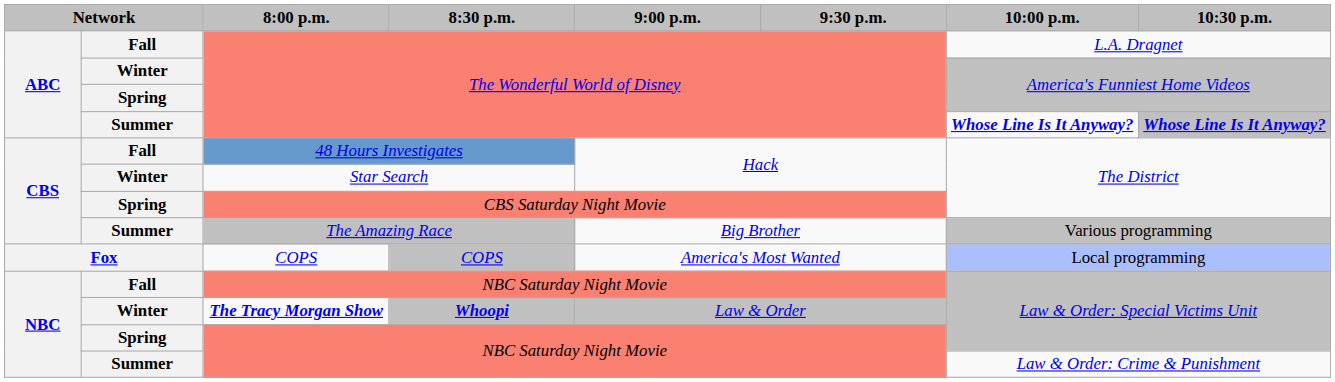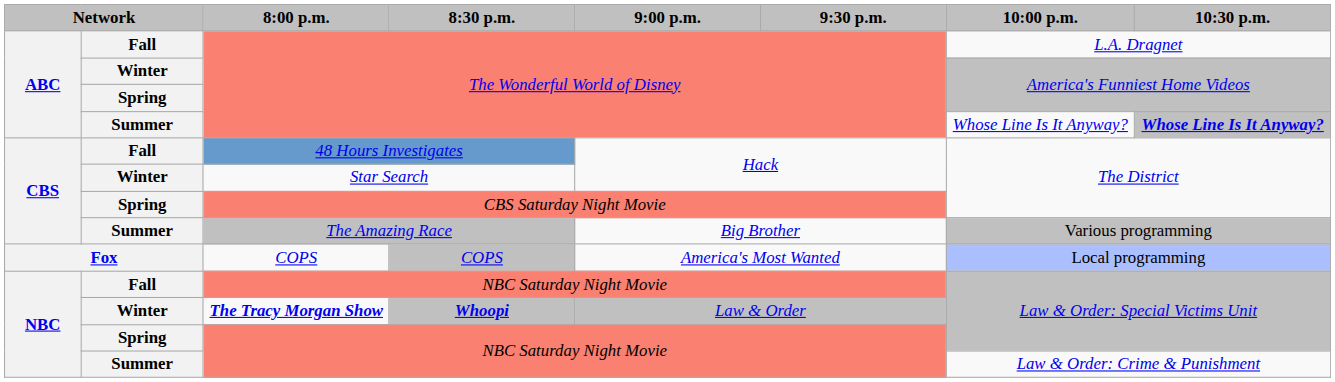 <table class="wikitable" style="width:100%;margin-right:0;text-align:center">
 <tr>
 <th colspan="2" style="background-color:#C0C0C0;text-align:center;width:15%;">Network</th>
 <th style="background-color:#C0C0C0;text-align:center;width:14%;">8:00 p.m.</th>
 <th style="background-color:#C0C0C0;text-align:center;width:14%;">8:30 p.m.</th>
 <th style="background-color:#C0C0C0;text-align:center;width:14%;">9:00 p.m.</th>
 <th style="background-color:#C0C0C0;text-align:center;width:14%;">9:30 p.m.</th>
 <th style="background-color:#C0C0C0;text-align:center">10:00 p.m.</th>
 <th style="background-color:#C0C0C0;text-align:center">10:30 p.m.</th>
 </tr>
 <tr>
 <th rowspan="4"><a href='#'>ABC</a></th>
 <th>Fall</th>
 <td colspan="4" rowspan="4" style="background:#FA8072;"><em><a href='#'>The Wonderful World of Disney</a></em></td>
 <td colspan="2"><em><a href='#'>L.A. Dragnet</a></em></td>
 </tr>
 <tr>
 <th>Winter</th>
 <td colspan="2" rowspan="2" style="background:#C0C0C0;"><em><a href='#'>America's Funniest Home Videos</a></em> </td>
 </tr>
 <tr>
 <th>Spring</th>
 </tr>
 <tr>
 <th>Summer</th>
-<td><strong><em><a href='#'>Whose Line Is It Anyway?</a></em></strong></td>
+<td><em><a href='#'>Whose Line Is It Anyway?</a></em></td>
 <td style="background:#C0C0C0;"><strong><em><a href='#'>Whose Line Is It Anyway?</a></em> </strong></td>
 </tr>
 <tr>
 <th rowspan="4"><a href='#'>CBS</a></th>
 <th>Fall</th>
 <td colspan="2" style="background:#6699CC;"><em><a href='#'>48 Hours Investigates</a></em></td>
 <td rowspan="2" colspan="2"><em><a href='#'>Hack</a></em></td>
 <td rowspan="3" colspan="2"><em><a href='#'>The District</a></em></td>
 </tr>
 <tr>
 <th>Winter</th>
 <td colspan="2"><em><a href='#'>Star Search</a></em></td>
 </tr>
 <tr>
 <th>Spring</th>
 <td colspan="4" style="background:#FA8072;"><em>CBS Saturday Night Movie</em></td>
 </tr>
 <tr>
 <th>Summer</th>
 <td colspan="2" style="background:#C0C0C0;"><em><a href='#'>The Amazing Race</a></em> </td>
 <td colspan="2"><em><a href='#'>Big Brother</a></em></td>
 <td colspan="2" style="background:#C0C0C0;">Various programming</td>
 </tr>
 <tr>
 <th colspan="2"><a href='#'>Fox</a></th>
 <td><em><a href='#'>COPS</a></em></td>
 <td style="background:#C0C0C0;"><em><a href='#'>COPS</a></em> </td>
 <td colspan="2"><em><a href='#'>America's Most Wanted</a></em></td>
 <td colspan="2" style="background:#abbfff;">Local programming</td>
 </tr>
 <tr>
 <th rowspan="4"><a href='#'>NBC</a></th>
 <th>Fall</th>
 <td colspan="4" style="background:#FA8072;"><em>NBC Saturday Night Movie</em></td>
 <td rowspan="3" colspan="2" style="background:#C0C0C0;"><em><a href='#'>Law & Order: Special Victims Unit</a></em> </td>
 </tr>
 <tr>
 <th>Winter</th>
 <td><strong><em><a href='#'>The Tracy Morgan Show</a></em></strong></td>
 <td style="background:#C0C0C0;"><strong><em><a href='#'>Whoopi</a></em></strong> </td>
 <td colspan="2" style="background:#C0C0C0;"><em><a href='#'>Law & Order</a></em> </td>
 </tr>
 <tr>
 <th>Spring</th>
 <td colspan="4" rowspan="2" style="background:#FA8072;"><em>NBC Saturday Night Movie</em></td>
 </tr>
 <tr>
 <th>Summer</th>
 <td colspan="2"><em><a href='#'>Law & Order: Crime & Punishment</a></em></td>
 </tr>
 </table>
